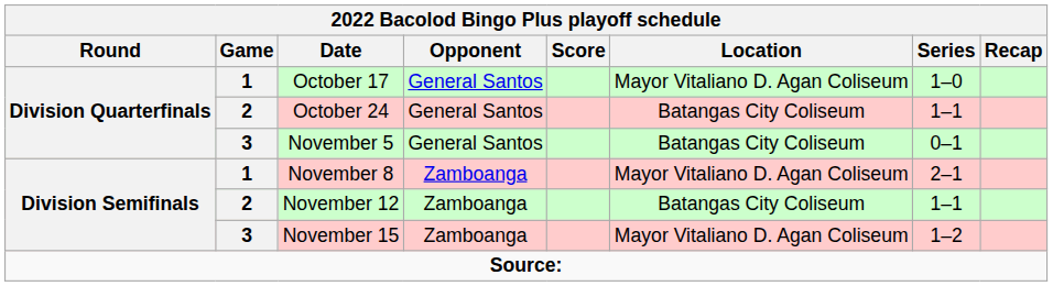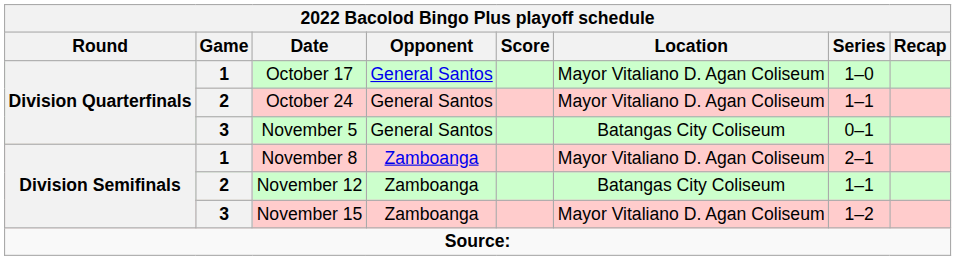 <table class="wikitable" style="text-align:center">
 <tr>
 <th colspan=8>2022 Bacolod Bingo Plus playoff schedule</th>
 </tr>
 <tr>
 <th>Round</th>
 <th>Game</th>
 <th>Date</th>
 <th>Opponent</th>
 <th>Score</th>
 <th>Location</th>
 <th>Series</th>
 <th>Recap<br></th>
 </tr>
 <tr style="background:#cfc">
 <th rowspan=3>Division Quarterfinals</th>
 <th>1</th>
 <td>October 17</td>
 <td><a href='#'>General Santos</a></td>
 <td></td>
 <td>Mayor Vitaliano D. Agan Coliseum</td>
 <td>1–0</td>
 <td></td>
 </tr>
 <tr style="background:#fcc">
 <th>2</th>
 <td>October 24</td>
 <td>General Santos</td>
 <td></td>
-<td>Batangas City Coliseum</td>
+<td>Mayor Vitaliano D. Agan Coliseum</td>
 <td>1–1</td>
 <td></td>
 </tr>
 <tr style="background:#cfc">
 <th>3</th>
 <td>November 5</td>
 <td>General Santos</td>
 <td></td>
 <td>Batangas City Coliseum</td>
 <td>0–1</td>
 <td><br></td>
 </tr>
 <tr style="background:#fcc">
 <th rowspan=3>Division Semifinals</th>
 <th>1</th>
 <td>November 8</td>
 <td><a href='#'>Zamboanga</a></td>
 <td></td>
 <td>Mayor Vitaliano D. Agan Coliseum</td>
 <td>2–1</td>
 <td></td>
 </tr>
 <tr style="background:#cfc">
 <th>2</th>
 <td>November 12</td>
 <td>Zamboanga</td>
 <td></td>
 <td>Batangas City Coliseum</td>
 <td>1–1</td>
 <td></td>
 </tr>
 <tr style="background:#fcc">
 <th>3</th>
 <td>November 15</td>
 <td>Zamboanga</td>
 <td></td>
 <td>Mayor Vitaliano D. Agan Coliseum</td>
 <td>1–2</td>
 <td></td>
 </tr>
 <tr>
 <td colspan=8 align=center><strong>Source: </strong></td>
 </tr>
 </table>
